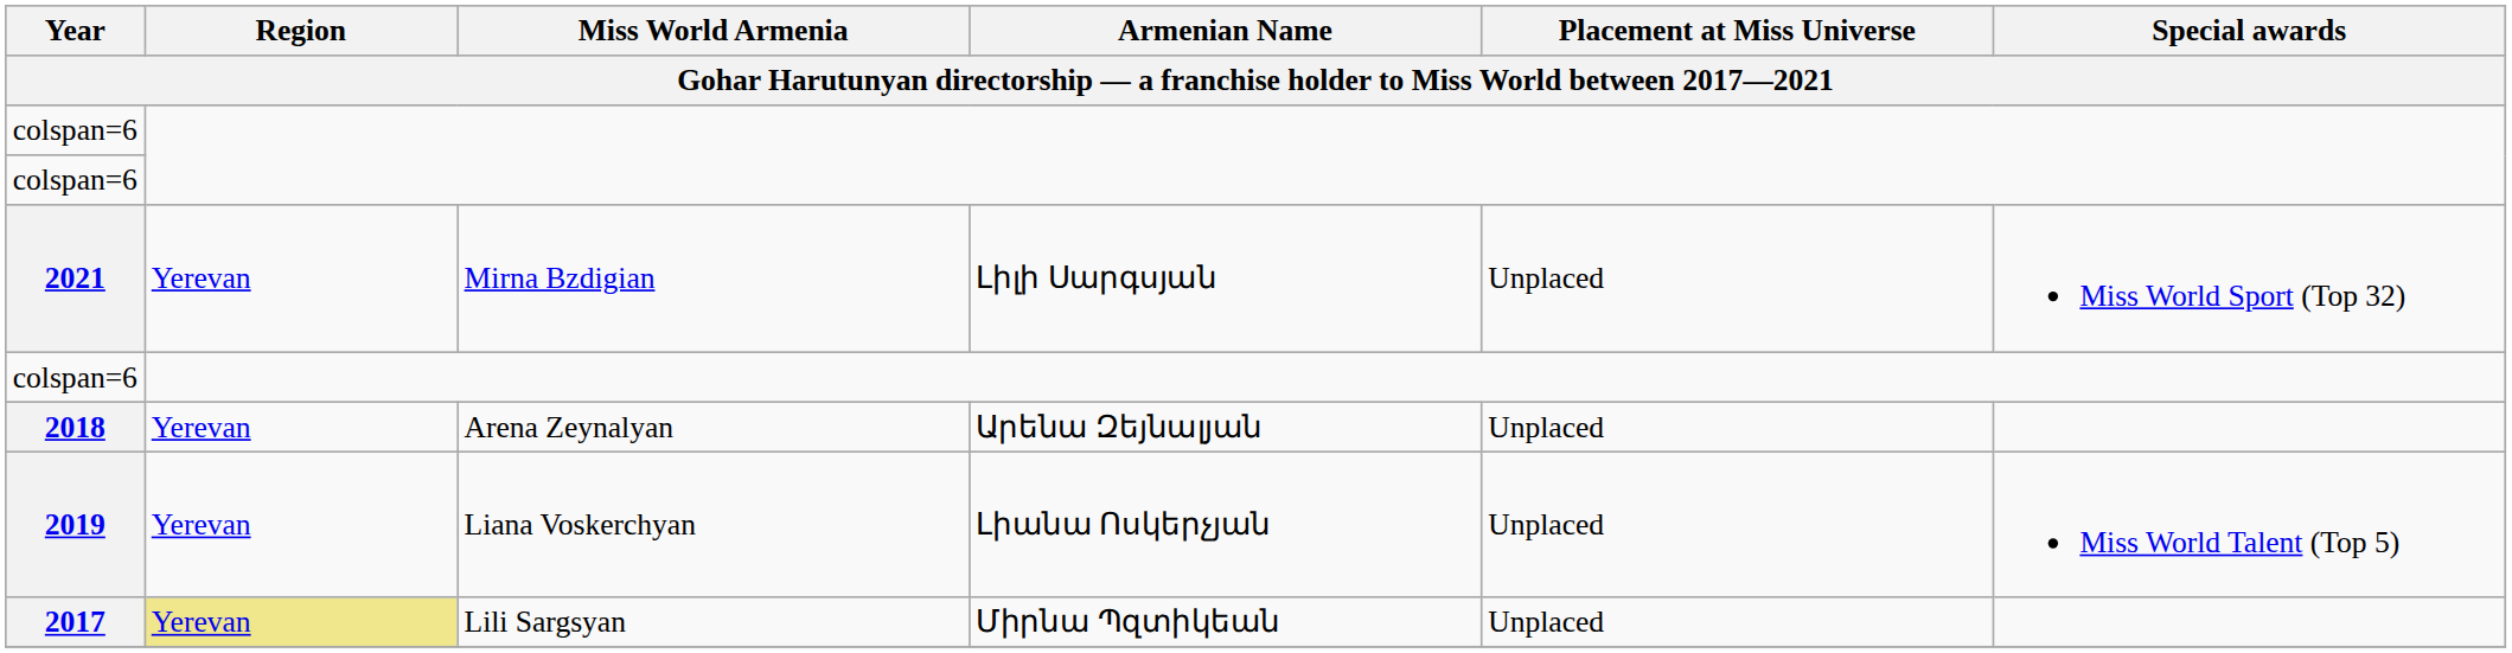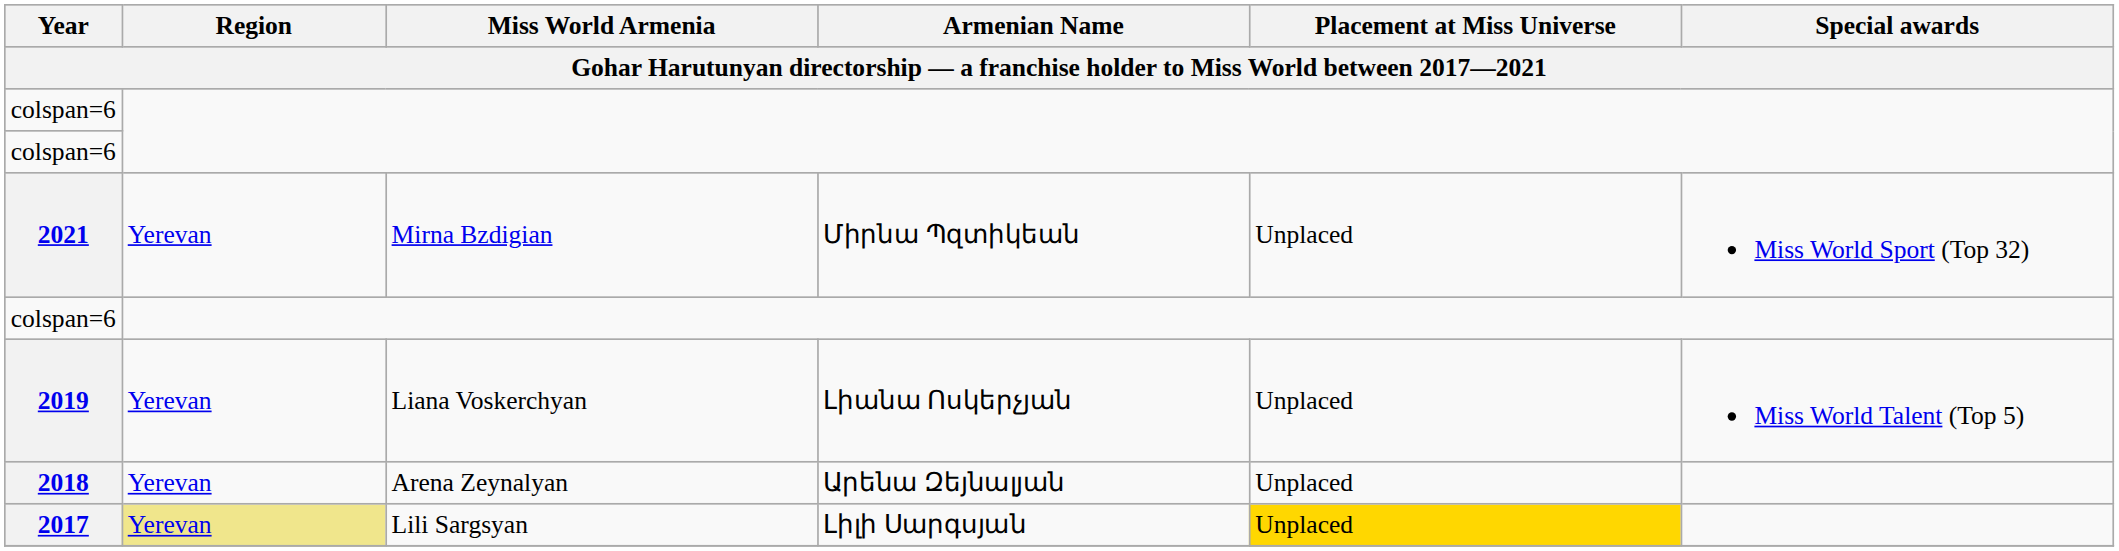 <table class="wikitable " style="font-size: 95%;">
 <tr>
 <th width="60">Year</th>
 <th width="150">Region</th>
 <th width="250">Miss World Armenia</th>
 <th width="250">Armenian Name</th>
 <th width="250">Placement at Miss Universe</th>
 <th width="250">Special awards</th>
 </tr>
 <tr>
 <th colspan="6">Gohar Harutunyan directorship — a franchise holder to Miss World between 2017―2021</th>
 </tr>
 <tr>
 <td>colspan=6 </td>
 </tr>
 <tr>
 <td>colspan=6 </td>
 </tr>
 <tr>
 <th><a href='#'>2021</a></th>
 <td><a href='#'>Yerevan</a></td>
 <td><a href='#'>Mirna Bzdigian</a></td>
-<td>Լիլի Սարգսյան</td>
+<td>Միրնա Պզտիկեան</td>
 <td>Unplaced</td>
 <td align="left"><br><ul><li><a href='#'>Miss World Sport</a> (Top 32)</li></ul></td>
 </tr>
 <tr>
 <td>colspan=6 </td>
+</tr>
+<tr>
+<th><a href='#'>2019</a></th>
+<td><a href='#'>Yerevan</a></td>
+<td>Liana Voskerchyan</td>
+<td>Լիանա Ոսկերչյան</td>
+<td>Unplaced</td>
+<td align="left"><br><ul><li><a href='#'>Miss World Talent</a> (Top 5)</li></ul></td>
 </tr>
 <tr>
 <th><a href='#'>2018</a></th>
 <td><a href='#'>Yerevan</a></td>
 <td>Arena Zeynalyan</td>
 <td>Արենա Զեյնալյան</td>
 <td>Unplaced</td>
 <td></td>
 </tr>
 <tr>
-<th><a href='#'>2019</a></th>
-<td><a href='#'>Yerevan</a></td>
-<td>Liana Voskerchyan</td>
-<td>Լիանա Ոսկերչյան</td>
-<td>Unplaced</td>
-<td align="left"><br><ul><li><a href='#'>Miss World Talent</a> (Top 5)</li></ul></td>
-</tr>
-<tr>
 <th><a href='#'>2017</a></th>
 <td style="background: khaki;"><a href='#'>Yerevan</a></td>
 <td>Lili Sargsyan</td>
-<td>Միրնա Պզտիկեան</td>
-<td>Unplaced</td>
+<td>Լիլի Սարգսյան</td>
+<td style="background: gold;">Unplaced</td>
 <td></td>
 </tr>
 <tr>
 </tr>
 </table>
